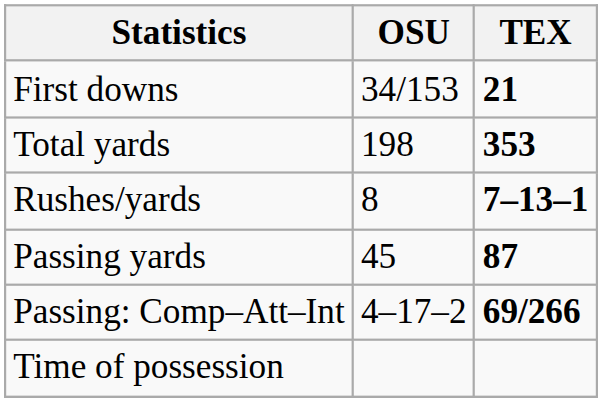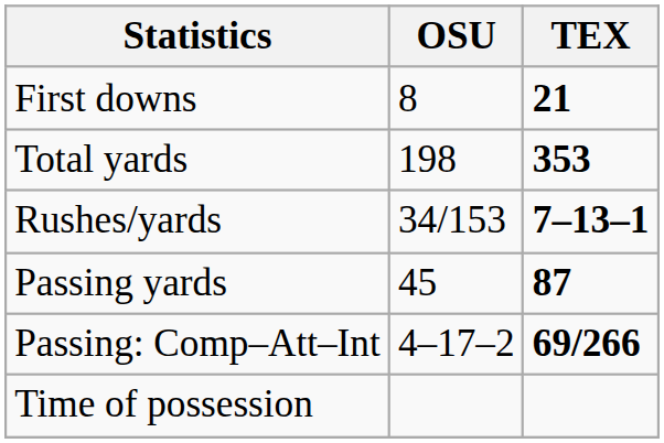 <table class="wikitable" style="float: left;">
 <tr>
 <th>Statistics</th>
 <th>OSU</th>
 <th>TEX</th>
 </tr>
 <tr>
 <td>First downs</td>
-<td>34/153</td>
+<td>8</td>
 <td><strong>21</strong></td>
 </tr>
 <tr>
 <td>Total yards</td>
 <td>198</td>
 <td><strong>353</strong></td>
 </tr>
 <tr>
 <td>Rushes/yards</td>
-<td>8</td>
+<td>34/153</td>
 <td><strong>7–13–1</strong></td>
 </tr>
 <tr>
 <td>Passing yards</td>
 <td>45</td>
 <td><strong>87</strong></td>
 </tr>
 <tr>
 <td>Passing: Comp–Att–Int</td>
 <td>4–17–2</td>
 <td><strong>69/266</strong></td>
 </tr>
 <tr>
 <td>Time of possession</td>
 <td></td>
 <td></td>
 </tr>
 <tr>
 </tr>
 </table>
